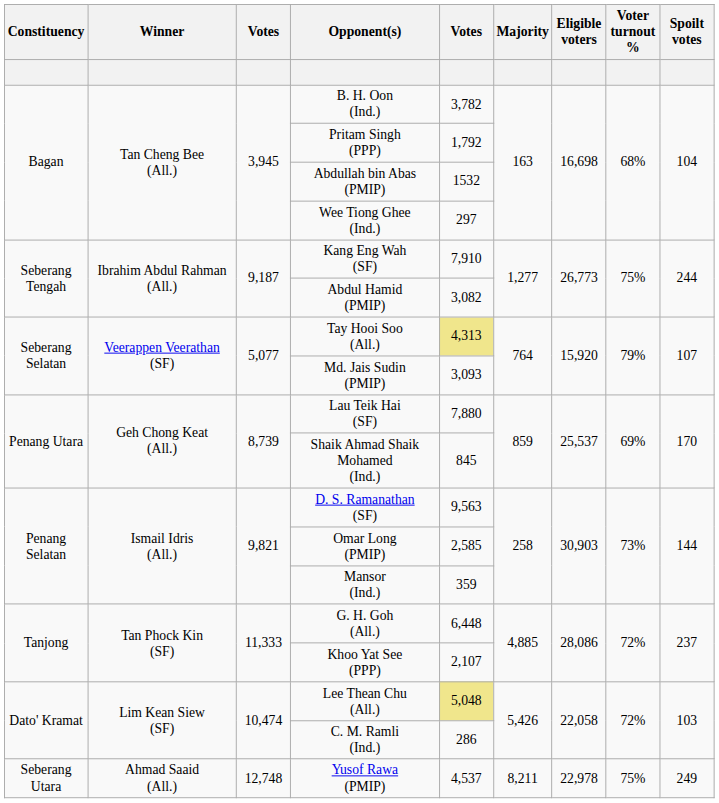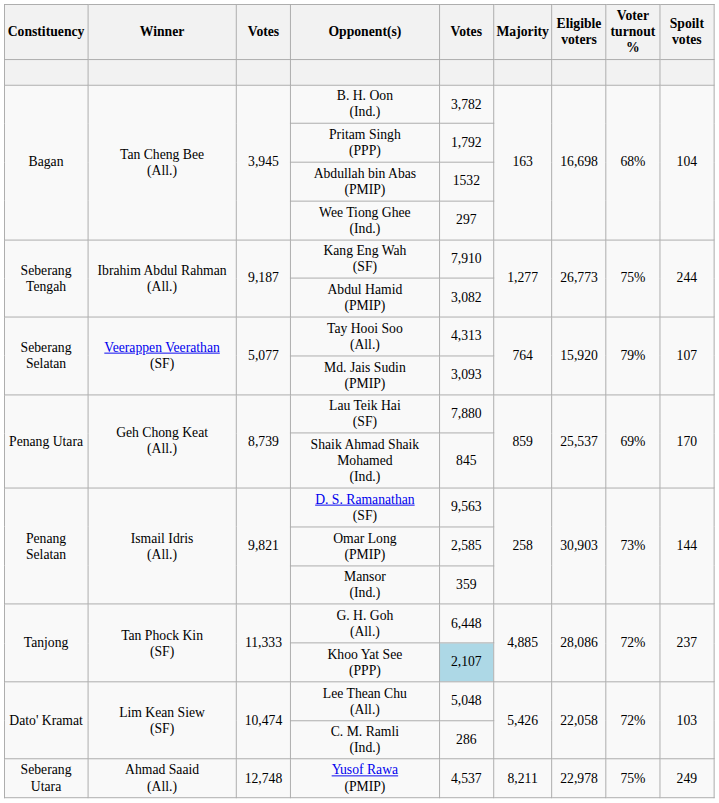 <table class="wikitable sortable" style="text-align:center; font-size:90%">
 <tr>
 <th width="60">Constituency</th>
 <th width="150">Winner</th>
 <th width="50">Votes</th>
 <th width="150">Opponent(s)</th>
 <th width="50">Votes</th>
 <th width="50">Majority</th>
 <th width="50">Eligible voters</th>
 <th width="50">Voter turnout %</th>
 <th width="50">Spoilt votes</th>
 </tr>
 <tr>
 <th height="20"></th>
 <th></th>
 <th></th>
 <th></th>
 <th></th>
 <th></th>
 <th></th>
 <th></th>
 <th></th>
 </tr>
 <tr>
 <td rowspan="4">Bagan</td>
 <td rowspan="4">Tan Cheng Bee<br>(All.)</td>
 <td rowspan="4">3,945</td>
 <td>B. H. Oon<br>(Ind.)</td>
 <td>3,782</td>
 <td rowspan="4">163</td>
 <td rowspan="4">16,698</td>
 <td rowspan="4">68%</td>
 <td rowspan="4">104</td>
 </tr>
 <tr>
 <td>Pritam Singh<br>(PPP)</td>
 <td>1,792</td>
 </tr>
 <tr>
 <td>Abdullah bin Abas (PMIP)</td>
 <td>1532</td>
 </tr>
 <tr>
 <td>Wee Tiong Ghee<br>(Ind.)</td>
 <td>297</td>
 </tr>
 <tr>
 <td rowspan=2>Seberang Tengah</td>
 <td rowspan=2>Ibrahim Abdul Rahman<br>(All.)</td>
 <td rowspan=2>9,187</td>
 <td>Kang Eng Wah<br>(SF)</td>
 <td>7,910</td>
 <td rowspan=2>1,277</td>
 <td rowspan=2>26,773</td>
 <td rowspan=2>75%</td>
 <td rowspan=2>244</td>
 </tr>
 <tr>
 <td>Abdul Hamid<br>(PMIP)</td>
 <td>3,082</td>
 </tr>
 <tr>
 <td rowspan=2>Seberang Selatan</td>
 <td rowspan=2><a href='#'>Veerappen Veerathan</a><br>(SF)</td>
 <td rowspan=2>5,077</td>
 <td>Tay Hooi Soo<br>(All.)</td>
-<td style="background: khaki;">4,313</td>
+<td>4,313</td>
 <td rowspan=2>764</td>
 <td rowspan=2>15,920</td>
 <td rowspan=2>79%</td>
 <td rowspan=2>107</td>
 </tr>
 <tr>
 <td>Md. Jais Sudin<br>(PMIP)</td>
 <td>3,093</td>
 </tr>
 <tr>
 <td rowspan=2>Penang Utara</td>
 <td rowspan=2>Geh Chong Keat<br>(All.)</td>
 <td rowspan=2>8,739</td>
 <td>Lau Teik Hai<br>(SF)</td>
 <td>7,880</td>
 <td rowspan=2>859</td>
 <td rowspan=2>25,537</td>
 <td rowspan=2>69%</td>
 <td rowspan=2>170</td>
 </tr>
 <tr>
 <td>Shaik Ahmad Shaik Mohamed<br>(Ind.)</td>
 <td>845</td>
 </tr>
 <tr>
 <td rowspan=3>Penang Selatan</td>
 <td rowspan=3>Ismail Idris<br>(All.)</td>
 <td rowspan=3>9,821</td>
 <td><a href='#'>D. S. Ramanathan</a><br>(SF)</td>
 <td>9,563</td>
 <td rowspan=3>258</td>
 <td rowspan=3>30,903</td>
 <td rowspan=3>73%</td>
 <td rowspan=3>144</td>
 </tr>
 <tr>
 <td>Omar Long<br>(PMIP)</td>
 <td>2,585</td>
 </tr>
 <tr>
 <td>Mansor<br>(Ind.)</td>
 <td>359</td>
 </tr>
 <tr>
 <td rowspan=2>Tanjong</td>
 <td rowspan=2>Tan Phock Kin<br>(SF)</td>
 <td rowspan=2>11,333</td>
 <td>G. H. Goh<br>(All.)</td>
 <td>6,448</td>
 <td rowspan=2>4,885</td>
 <td rowspan=2>28,086</td>
 <td rowspan=2>72%</td>
 <td rowspan=2>237</td>
 </tr>
 <tr>
 <td>Khoo Yat See<br>(PPP)</td>
-<td>2,107</td>
+<td style="background: lightblue;">2,107</td>
 </tr>
 <tr>
 <td rowspan=2>Dato' Kramat</td>
 <td rowspan=2>Lim Kean Siew<br>(SF)</td>
 <td rowspan=2>10,474</td>
 <td>Lee Thean Chu<br>(All.)</td>
-<td style="background: khaki;">5,048</td>
+<td>5,048</td>
 <td rowspan=2>5,426</td>
 <td rowspan=2>22,058</td>
 <td rowspan=2>72%</td>
 <td rowspan=2>103</td>
 </tr>
 <tr>
 <td>C. M. Ramli<br>(Ind.)</td>
 <td>286</td>
 </tr>
 <tr>
 <td>Seberang Utara</td>
 <td>Ahmad Saaid<br>(All.)</td>
 <td>12,748</td>
 <td><a href='#'>Yusof Rawa</a><br>(PMIP)</td>
 <td>4,537</td>
 <td>8,211</td>
 <td>22,978</td>
 <td>75%</td>
 <td>249</td>
 </tr>
 </table>
